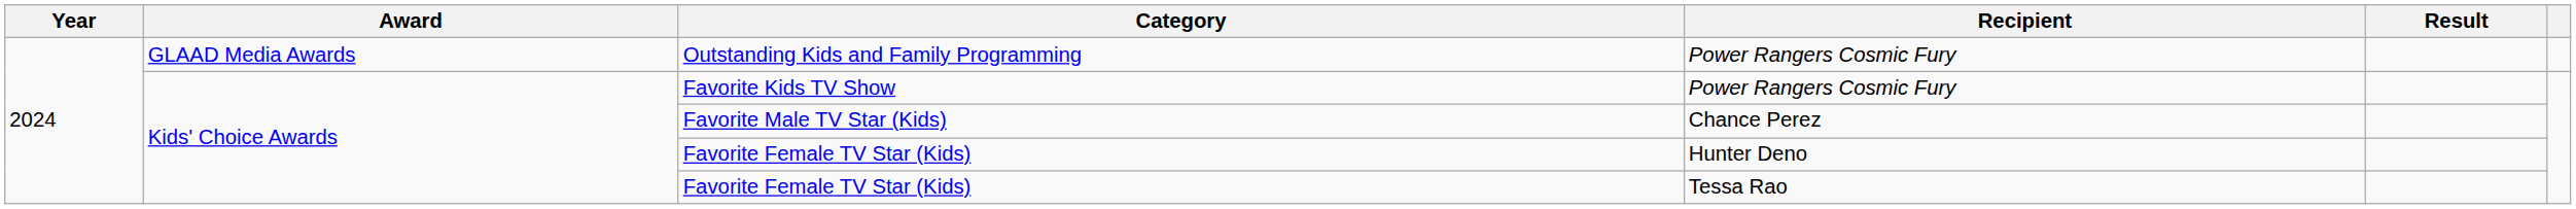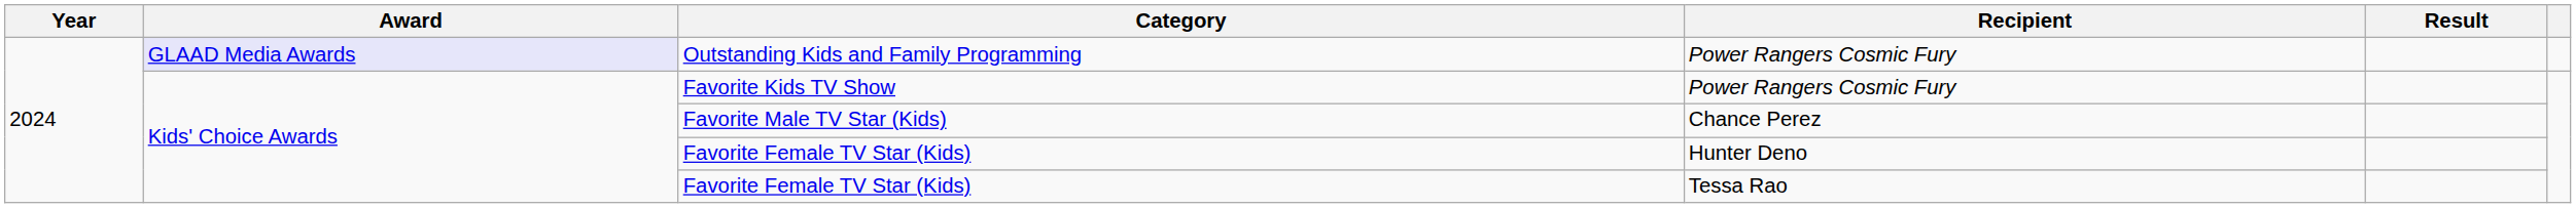 <table class="wikitable sortable" style="width: 99%;">
 <tr>
 <th>Year</th>
 <th>Award</th>
 <th>Category</th>
 <th>Recipient</th>
 <th>Result</th>
 <th scope="col" class="unsortable"></th>
 </tr>
 <tr>
 <td rowspan="5">2024</td>
-<td><a href='#'>GLAAD Media Awards</a></td>
+<td style="background: lavender;"><a href='#'>GLAAD Media Awards</a></td>
 <td><a href='#'>Outstanding Kids and Family Programming</a></td>
 <td><em>Power Rangers Cosmic Fury</em></td>
 <td></td>
 <td></td>
 </tr>
 <tr>
 <td rowspan="4"><a href='#'>Kids' Choice Awards</a></td>
 <td><a href='#'>Favorite Kids TV Show</a></td>
 <td><em>Power Rangers Cosmic Fury</em></td>
 <td></td>
 <td rowspan="4" style="text-align:center;"></td>
 </tr>
 <tr>
 <td><a href='#'>Favorite Male TV Star (Kids)</a></td>
 <td>Chance Perez</td>
 <td></td>
 </tr>
 <tr>
 <td><a href='#'>Favorite Female TV Star (Kids)</a></td>
 <td>Hunter Deno</td>
 <td></td>
 </tr>
 <tr>
 <td><a href='#'>Favorite Female TV Star (Kids)</a></td>
 <td>Tessa Rao</td>
 <td></td>
 </tr>
 </table>
